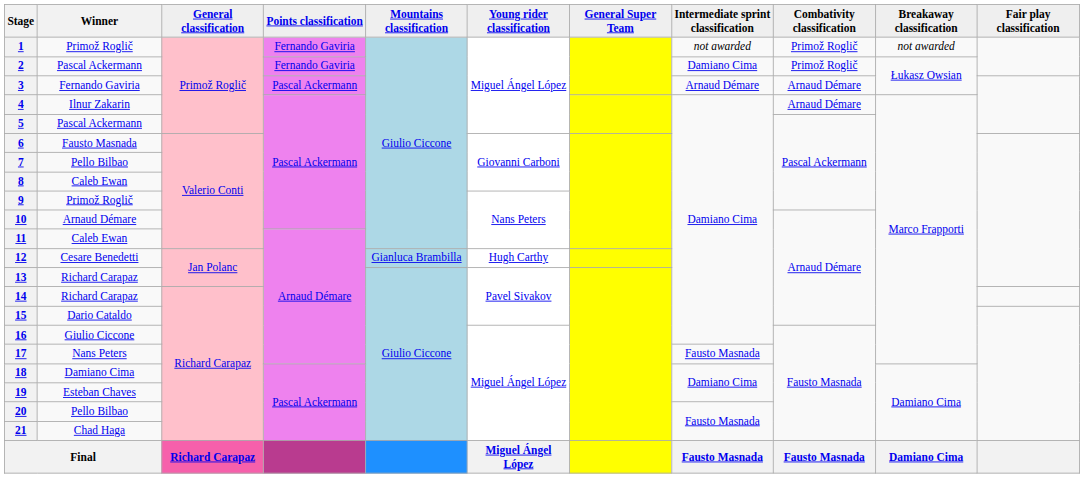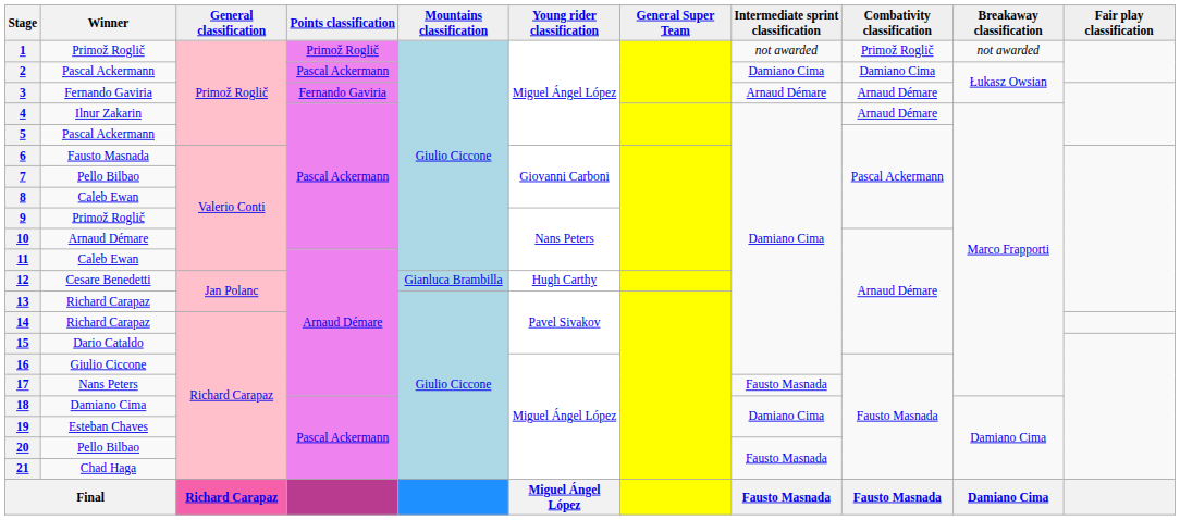 <table class="wikitable" style="text-align: center; font-size:smaller;">
 <tr style="background:#efefef;">
 <th style="width:1%;">Stage</th>
 <th style="width:11%;">Winner</th>
 <th style="background:#efefef; width:9%;"><a href='#'>General classification</a><br></th>
 <th style="background:#efefef; width:9%;"><a href='#'>Points classification</a><br></th>
 <th style="background:#efefef; width:9%;"><a href='#'>Mountains classification</a><br></th>
 <th style="background:#efefef; width:9%;"><a href='#'>Young rider classification</a><br></th>
 <th style="background:#efefef; width:9%;"><a href='#'>General Super Team</a></th>
 <th style="background:#efefef; width:9%;">Intermediate sprint classification</th>
 <th style="background:#efefef; width:9%;">Combativity classification</th>
 <th style="background:#efefef; width:9%;">Breakaway classification</th>
 <th style="background:#efefef; width:9%;">Fair play classification</th>
 </tr>
 <tr>
 <th><a href='#'>1</a></th>
 <td><a href='#'>Primož Roglič</a></td>
 <td style="background:pink;" rowspan=5><a href='#'>Primož Roglič</a></td>
-<td style="background:violet;"><a href='#'>Fernando Gaviria</a></td>
+<td style="background:violet;"><a href='#'>Primož Roglič</a></td>
 <td style="background:lightblue;" rowspan=11><a href='#'>Giulio Ciccone</a></td>
 <td style="background:white;" rowspan=5><a href='#'>Miguel Ángel López</a></td>
 <td style="background:#FFFF00;" rowspan=3></td>
 <td><em>not awarded</em></td>
 <td><a href='#'>Primož Roglič</a></td>
 <td><em>not awarded</em></td>
 <td rowspan=2></td>
 </tr>
 <tr>
 <th><a href='#'>2</a></th>
 <td><a href='#'>Pascal Ackermann</a></td>
-<td style="background:violet;"><a href='#'>Fernando Gaviria</a></td>
+<td style="background:violet;"><a href='#'>Pascal Ackermann</a></td>
 <td><a href='#'>Damiano Cima</a></td>
-<td><a href='#'>Primož Roglič</a></td>
+<td><a href='#'>Damiano Cima</a></td>
 <td rowspan=2><a href='#'>Łukasz Owsian</a></td>
 </tr>
 <tr>
 <th><a href='#'>3</a></th>
 <td><a href='#'>Fernando Gaviria</a></td>
-<td style="background:violet;"><a href='#'>Pascal Ackermann</a></td>
+<td style="background:violet;"><a href='#'>Fernando Gaviria</a></td>
 <td><a href='#'>Arnaud Démare</a></td>
 <td><a href='#'>Arnaud Démare</a></td>
 <td rowspan=3></td>
 </tr>
 <tr>
 <th><a href='#'>4</a></th>
 <td><a href='#'>Ilnur Zakarin</a></td>
 <td style="background:violet;" rowspan=7><a href='#'>Pascal Ackermann</a></td>
 <td style="background:#FFFF00;" rowspan=2></td>
 <td rowspan=13><a href='#'>Damiano Cima</a></td>
 <td><a href='#'>Arnaud Démare</a></td>
 <td rowspan=14><a href='#'>Marco Frapporti</a></td>
 </tr>
 <tr>
 <th><a href='#'>5</a></th>
 <td><a href='#'>Pascal Ackermann</a></td>
 <td rowspan=5><a href='#'>Pascal Ackermann</a></td>
 </tr>
 <tr>
 <th><a href='#'>6</a></th>
 <td><a href='#'>Fausto Masnada</a></td>
 <td style="background:pink;" rowspan=6><a href='#'>Valerio Conti</a></td>
 <td style="background:white;" rowspan=3><a href='#'>Giovanni Carboni</a></td>
 <td style="background:#FFFF00;" rowspan=6></td>
 <td rowspan=8></td>
 </tr>
 <tr>
 <th><a href='#'>7</a></th>
 <td><a href='#'>Pello Bilbao</a></td>
 </tr>
 <tr>
 <th><a href='#'>8</a></th>
 <td><a href='#'>Caleb Ewan</a></td>
 </tr>
 <tr>
 <th><a href='#'>9</a></th>
 <td><a href='#'>Primož Roglič</a></td>
 <td style="background:white;" rowspan=3><a href='#'>Nans Peters</a></td>
 </tr>
 <tr>
 <th><a href='#'>10</a></th>
 <td><a href='#'>Arnaud Démare</a></td>
 <td rowspan=6><a href='#'>Arnaud Démare</a></td>
 </tr>
 <tr>
 <th><a href='#'>11</a></th>
 <td><a href='#'>Caleb Ewan</a></td>
 <td style="background:violet;" rowspan=7><a href='#'>Arnaud Démare</a></td>
 </tr>
 <tr>
 <th><a href='#'>12</a></th>
 <td><a href='#'>Cesare Benedetti</a></td>
 <td style="background:pink;" rowspan=2><a href='#'>Jan Polanc</a></td>
 <td style="background:lightblue;"><a href='#'>Gianluca Brambilla</a></td>
 <td style="background:white;"><a href='#'>Hugh Carthy</a></td>
 <td style="background:#FFFF00;"></td>
 </tr>
 <tr>
 <th><a href='#'>13</a></th>
 <td><a href='#'>Richard Carapaz</a></td>
 <td style="background:lightblue;" rowspan=9><a href='#'>Giulio Ciccone</a></td>
 <td style="background:white;" rowspan=3><a href='#'>Pavel Sivakov</a></td>
 <td style="background:#FFFF00;"rowspan=9></td>
 </tr>
 <tr>
 <th><a href='#'>14</a></th>
 <td><a href='#'>Richard Carapaz</a></td>
 <td style="background:pink;" rowspan=8><a href='#'>Richard Carapaz</a></td>
 <td></td>
 </tr>
 <tr>
 <th><a href='#'>15</a></th>
 <td><a href='#'>Dario Cataldo</a></td>
 <td rowspan=7></td>
 </tr>
 <tr>
 <th><a href='#'>16</a></th>
 <td><a href='#'>Giulio Ciccone</a></td>
 <td style="background:white;" rowspan=6><a href='#'>Miguel Ángel López</a></td>
 <td rowspan=6><a href='#'>Fausto Masnada</a></td>
 </tr>
 <tr>
 <th><a href='#'>17</a></th>
 <td><a href='#'>Nans Peters</a></td>
 <td><a href='#'>Fausto Masnada</a></td>
 </tr>
 <tr>
 <th><a href='#'>18</a></th>
 <td><a href='#'>Damiano Cima</a></td>
 <td style="background:violet;" rowspan=4><a href='#'>Pascal Ackermann</a></td>
 <td rowspan=2><a href='#'>Damiano Cima</a></td>
 <td rowspan=4><a href='#'>Damiano Cima</a></td>
 </tr>
 <tr>
 <th><a href='#'>19</a></th>
 <td><a href='#'>Esteban Chaves</a></td>
 </tr>
 <tr>
 <th><a href='#'>20</a></th>
 <td><a href='#'>Pello Bilbao</a></td>
 <td rowspan=2><a href='#'>Fausto Masnada</a></td>
 </tr>
 <tr>
 <th><a href='#'>21</a></th>
 <td><a href='#'>Chad Haga</a></td>
 </tr>
 <tr>
 <th colspan=2>Final</th>
 <th style="background:#F660AB;"><a href='#'>Richard Carapaz</a></th>
 <th style="background:#B93B8F;"></th>
 <th style="background:dodgerblue;"></th>
 <th style="background:offwhite;"><a href='#'>Miguel Ángel López</a></th>
 <th style="background:yellow;"></th>
 <th><a href='#'>Fausto Masnada</a></th>
 <th><a href='#'>Fausto Masnada</a></th>
 <th><a href='#'>Damiano Cima</a></th>
 <th></th>
 </tr>
 </table>
